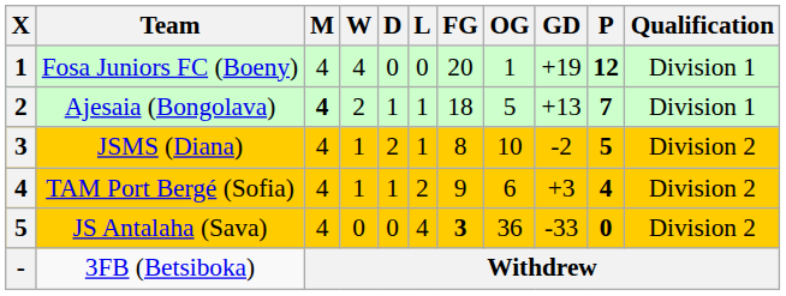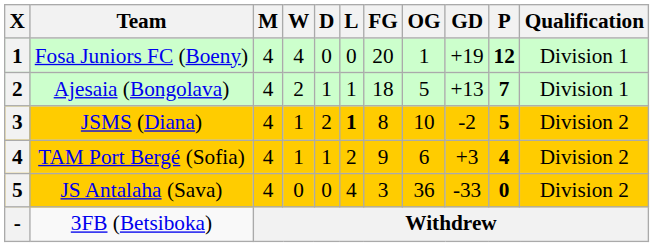 <table class="wikitable sortable">
 <tr>
 <th>X</th>
 <th>Team</th>
 <th>M</th>
 <th>W</th>
 <th>D</th>
 <th>L</th>
 <th>FG</th>
 <th>OG</th>
 <th>GD</th>
 <th>P</th>
 <th>Qualification</th>
 </tr>
 <tr style="text-align: center;" bgcolor=#ccffcc>
 <th>1</th>
 <td><a href='#'>Fosa Juniors FC</a> (<a href='#'>Boeny</a>)</td>
 <td>4</td>
 <td>4</td>
 <td>0</td>
 <td>0</td>
 <td>20</td>
 <td>1</td>
 <td>+19</td>
 <td><strong>12</strong></td>
 <td>Division 1</td>
 </tr>
 <tr style="text-align: center;" bgcolor=#ccffcc>
 <th>2</th>
 <td><a href='#'>Ajesaia</a> (<a href='#'>Bongolava</a>)</td>
-<td><strong>4</strong></td>
+<td>4</td>
 <td>2</td>
 <td>1</td>
 <td>1</td>
 <td>18</td>
 <td>5</td>
 <td>+13</td>
 <td><strong>7</strong></td>
 <td>Division 1</td>
 </tr>
 <tr style="text-align: center;" bgcolor=#ffcc00>
 <th>3</th>
 <td><a href='#'>JSMS</a> (<a href='#'>Diana</a>)</td>
 <td>4</td>
 <td>1</td>
 <td>2</td>
-<td>1</td>
+<td><strong>1</strong></td>
 <td>8</td>
 <td>10</td>
 <td>-2</td>
 <td><strong>5</strong></td>
 <td>Division 2</td>
 </tr>
 <tr style="text-align: center;" bgcolor=#ffcc00>
 <th>4</th>
 <td><a href='#'>TAM Port Bergé</a> (Sofia)</td>
 <td>4</td>
 <td>1</td>
 <td>1</td>
 <td>2</td>
 <td>9</td>
 <td>6</td>
 <td>+3</td>
 <td><strong>4</strong></td>
 <td>Division 2</td>
 </tr>
 <tr style="text-align: center;" bgcolor=#ffcc00>
 <th>5</th>
 <td><a href='#'>JS Antalaha</a> (Sava)</td>
 <td>4</td>
 <td>0</td>
 <td>0</td>
 <td>4</td>
-<td><strong>3</strong></td>
+<td>3</td>
 <td>36</td>
 <td>-33</td>
 <td><strong>0</strong></td>
 <td>Division 2</td>
 </tr>
 <tr style="text-align: center;">
 <th>-</th>
 <td><a href='#'>3FB</a> (<a href='#'>Betsiboka</a>)</td>
 <th colspan="9">Withdrew</th>
 </tr>
 </table>
